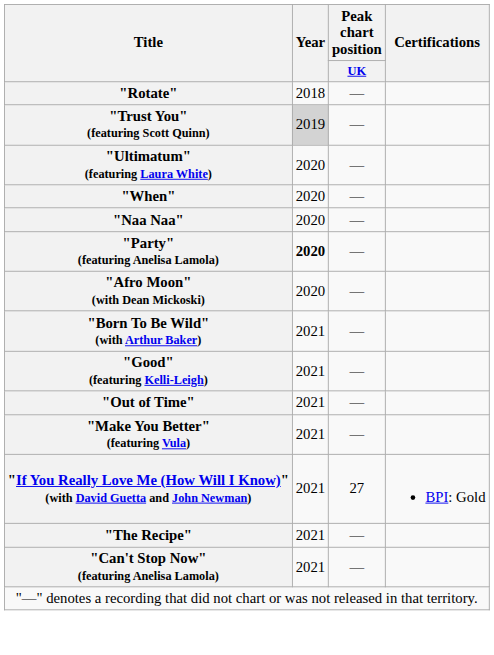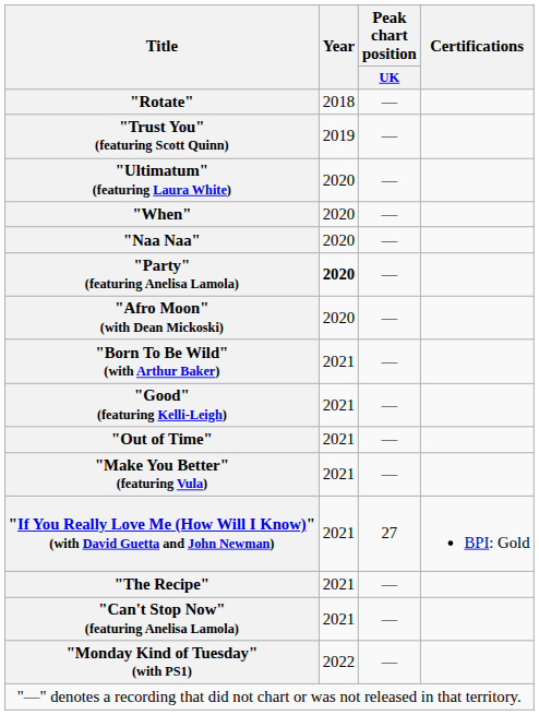 <table class="wikitable plainrowheaders" style="text-align:center">
 <tr>
 <th scope="col" rowspan="2">Title</th>
 <th scope="col" rowspan="2" style="width:1em;">Year</th>
 <th scope="col" colspan="1">Peak chart position</th>
 <th scope="col" rowspan="2">Certifications</th>
 </tr>
 <tr>
 <th scope="col" style="width:3em;font-size:85%;"><a href='#'>UK</a><br></th>
 </tr>
 <tr>
 <th scope="row">"Rotate"</th>
 <td>2018</td>
 <td>—</td>
 <td></td>
 </tr>
 <tr>
 <th scope="row">"Trust You"<br><small>(featuring Scott Quinn)</small><span></span></th>
-<td style="background: lightgrey;">2019</td>
+<td>2019</td>
 <td>—</td>
 <td></td>
 </tr>
 <tr>
 <th scope="row">"Ultimatum"<br><small>(featuring <a href='#'>Laura White</a>)</small><span></span></th>
 <td>2020</td>
 <td>—</td>
 <td></td>
 </tr>
 <tr>
 <th scope="row">"When"</th>
 <td>2020</td>
 <td>—</td>
 <td></td>
 </tr>
 <tr>
 <th scope="row">"Naa Naa"</th>
 <td>2020</td>
 <td>—</td>
 <td></td>
 </tr>
 <tr>
 <th scope="row">"Party"<br><small>(featuring Anelisa Lamola)</small><span></span></th>
 <td><strong>2020</strong></td>
 <td>—</td>
 </tr>
 <tr>
 <th scope="row">"Afro Moon"<br><small>(with Dean Mickoski)</small><span></span></th>
 <td>2020</td>
 <td>—</td>
 <td></td>
 </tr>
 <tr>
 <th scope="row">"Born To Be Wild"<br><small>(with <a href='#'>Arthur Baker</a>)</small><span></span></th>
 <td>2021</td>
 <td>—</td>
 <td></td>
 </tr>
 <tr>
 <th scope="row">"Good"<br><small>(featuring <a href='#'>Kelli-Leigh</a>)</small><span></span></th>
 <td>2021</td>
 <td>—</td>
 <td></td>
 </tr>
 <tr>
 <th scope="row">"Out of Time"</th>
 <td>2021</td>
 <td>—</td>
 <td></td>
 </tr>
 <tr>
 <th scope="row">"Make You Better"<br><small>(featuring <a href='#'>Vula</a>)</small><span></span></th>
 <td>2021</td>
 <td>—</td>
 <td></td>
 </tr>
 <tr>
 <th scope="row">"<a href='#'>If You Really Love Me (How Will I Know)</a>"<br><small>(with <a href='#'>David Guetta</a> and <a href='#'>John Newman</a>)</small><span></span></th>
 <td>2021</td>
 <td>27</td>
 <td><br><ul><li><a href='#'>BPI</a>: Gold</li></ul></td>
 </tr>
 <tr>
 <th scope="row">"The Recipe"</th>
 <td>2021</td>
 <td>—</td>
 <td></td>
 </tr>
 <tr>
 <th scope="row">"Can't Stop Now"<br><small>(featuring Anelisa Lamola)</small><span></span></th>
 <td>2021</td>
 <td>—</td>
 <td></td>
 </tr>
 <tr>
+<th scope="row">"Monday Kind of Tuesday"<br><small>(with PS1)</small><span></span></th>
+<td>2022</td>
+<td>—</td>
+<td></td>
+</tr>
+<tr>
 <td colspan="4">"—" denotes a recording that did not chart or was not released in that territory.</td>
 </tr>
 </table>
